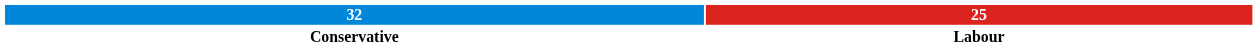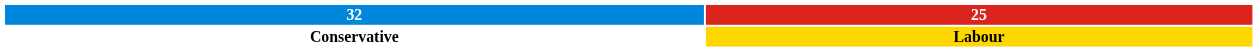 <table style="width:100%; text-align:center;">
 <tr style="color:white;">
 <td style="background:#0087dc; width:56.1%;"><strong>32</strong></td>
 <td style="background:#dc241f; width:43.9;"><strong>25</strong></td>
 </tr>
 <tr>
 <td><span><strong>Conservative</strong></span></td>
-<td><span><strong>Labour</strong></span></td>
+<td style="background: gold;"><span><strong>Labour</strong></span></td>
 </tr>
 </table>
